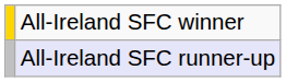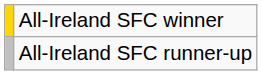 <table class="wikitable">
 <tr>
 <td style="background-color:#FFD700"></td>
 <td>All-Ireland SFC winner</td>
 </tr>
 <tr>
 <td style="background-color:#C0C0C0"></td>
-<td style="background: lavender;">All-Ireland SFC runner-up</td>
+<td>All-Ireland SFC runner-up</td>
 </tr>
 </table>
